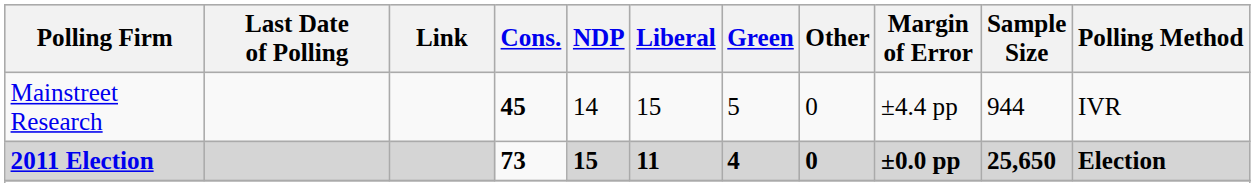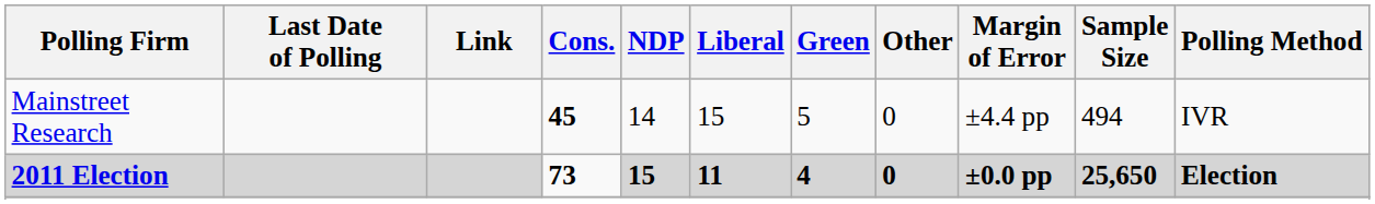 <table class="wikitable sortable">
 <tr style="background:#e9e9e9;">
 <th style="width:120px">Polling Firm</th>
 <th style="width:110px">Last Date<br>of Polling</th>
 <th style="width:60px" class="unsortable">Link</th>
 <th style="background-color:"><strong><a href='#'>Cons.</a></strong></th>
 <th style="background-color:"><strong><a href='#'>NDP</a></strong></th>
 <th style="background-color:"><strong><a href='#'>Liberal</a></strong></th>
 <th style="background-color:"><strong><a href='#'>Green</a></strong></th>
 <th style="background-color:"><strong>Other</strong></th>
 <th style="width:60px;" class=unsortable>Margin<br>of Error</th>
 <th style="width:50px;" class=unsortable>Sample<br>Size</th>
 <th class=unsortable>Polling Method</th>
 </tr>
 <tr>
 <td><a href='#'>Mainstreet Research</a></td>
 <td></td>
 <td></td>
 <td><strong>45</strong></td>
 <td>14</td>
 <td>15</td>
 <td>5</td>
 <td>0</td>
 <td>±4.4 pp</td>
-<td>944</td>
+<td>494</td>
 <td>IVR</td>
 </tr>
 <tr>
 <td style="background:#D5D5D5"><strong><a href='#'>2011 Election</a></strong></td>
 <td style="background:#D5D5D5"><strong></strong></td>
 <td style="background:#D5D5D5"></td>
 <td><strong>73</strong></td>
 <td style="background:#D5D5D5"><strong>15</strong></td>
 <td style="background:#D5D5D5"><strong>11</strong></td>
 <td style="background:#D5D5D5"><strong>4</strong></td>
 <td style="background:#D5D5D5"><strong>0</strong></td>
 <td style="background:#D5D5D5"><strong>±0.0 pp</strong></td>
 <td style="background:#D5D5D5"><strong>25,650</strong></td>
 <td style="background:#D5D5D5"><strong>Election</strong></td>
 </tr>
 <tr>
 </tr>
 <tr>
 </tr>
 </table>
